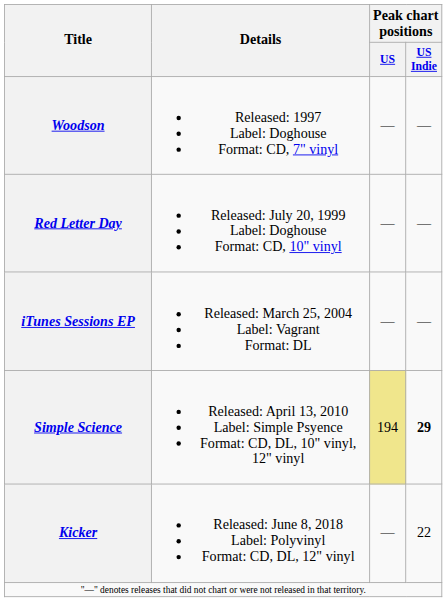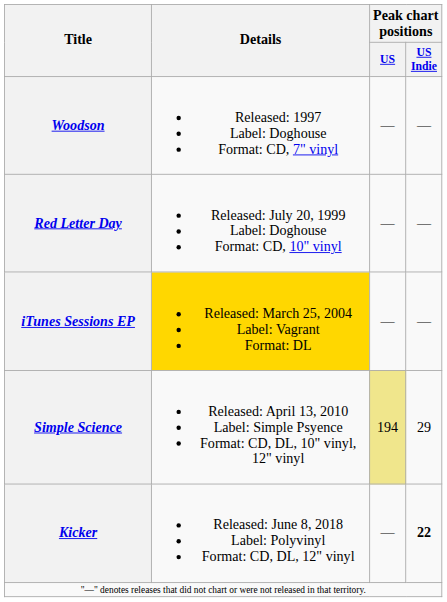 <table class="wikitable plainrowheaders" style="text-align:center">
 <tr>
 <th rowspan="2" style="width:10em;">Title</th>
 <th rowspan="2" style="width:15em;">Details</th>
 <th colspan="2">Peak chart positions</th>
 </tr>
 <tr style="font-size:smaller;">
 <th width="35"><a href='#'>US</a></th>
 <th width="35"><a href='#'>US<br>Indie</a></th>
 </tr>
 <tr>
 <th scope="row"><em><a href='#'>Woodson</a></em></th>
 <td><br><ul><li>Released: 1997</li><li>Label: Doghouse</li><li>Format: CD, <a href='#'>7" vinyl</a></li></ul></td>
 <td>—</td>
 <td>—</td>
 </tr>
 <tr>
 <th scope="row"><em><a href='#'>Red Letter Day</a></em></th>
 <td><br><ul><li>Released: July 20, 1999</li><li>Label: Doghouse</li><li>Format: CD, <a href='#'>10" vinyl</a></li></ul></td>
 <td>—</td>
 <td>—</td>
 </tr>
 <tr>
 <th scope="row"><em><a href='#'>iTunes Sessions EP</a></em></th>
-<td><br><ul><li>Released: March 25, 2004</li><li>Label: Vagrant</li><li>Format: DL</li></ul></td>
+<td style="background: gold;"><br><ul><li>Released: March 25, 2004</li><li>Label: Vagrant</li><li>Format: DL</li></ul></td>
 <td>—</td>
 <td>—</td>
 </tr>
 <tr>
 <th scope="row"><em><a href='#'>Simple Science</a></em></th>
 <td><br><ul><li>Released: April 13, 2010</li><li>Label: Simple Psyence</li><li>Format: CD, DL, 10" vinyl, 12" vinyl</li></ul></td>
 <td style="background: khaki;">194</td>
-<td><strong>29</strong></td>
+<td>29</td>
 </tr>
 <tr>
 <th scope="row"><em><a href='#'>Kicker</a></em></th>
 <td><br><ul><li>Released: June 8, 2018</li><li>Label: Polyvinyl</li><li>Format: CD, DL, 12" vinyl</li></ul></td>
 <td>—</td>
-<td>22</td>
+<td><strong>22</strong></td>
 </tr>
 <tr>
 <td colspan="5" style="font-size: 8pt">"—" denotes releases that did not chart or were not released in that territory.</td>
 </tr>
 </table>
